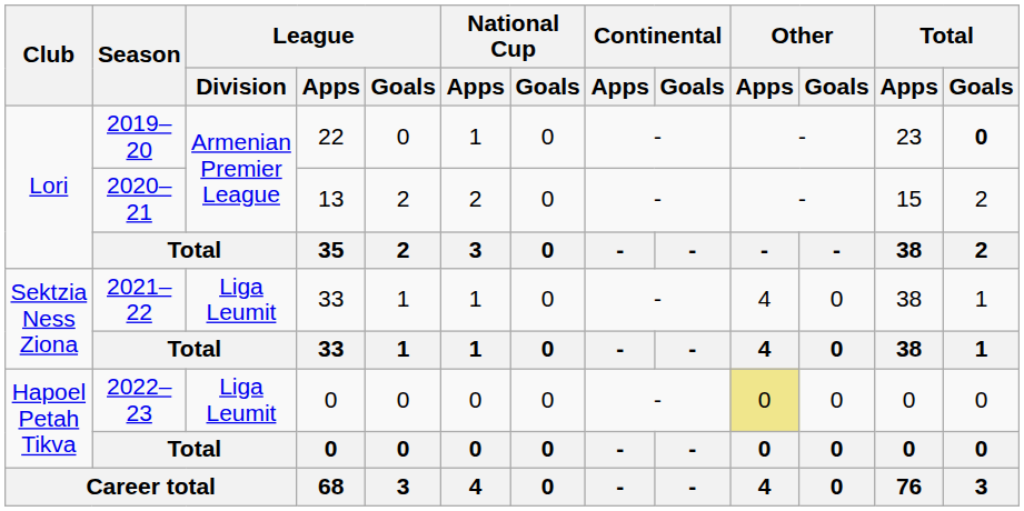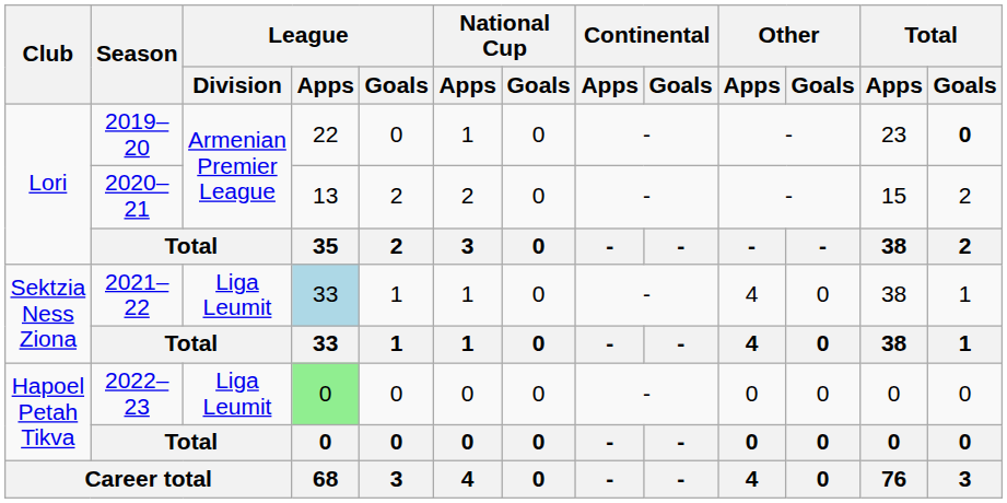 <table class="wikitable" style="text-align: center;">
 <tr>
 <th rowspan="2">Club</th>
 <th rowspan="2">Season</th>
 <th colspan="3">League</th>
 <th colspan="2">National Cup</th>
 <th colspan="2">Continental</th>
 <th colspan="2">Other</th>
 <th colspan="2">Total</th>
 </tr>
 <tr>
 <th>Division</th>
 <th>Apps</th>
 <th>Goals</th>
 <th>Apps</th>
 <th>Goals</th>
 <th>Apps</th>
 <th>Goals</th>
 <th>Apps</th>
 <th>Goals</th>
 <th>Apps</th>
 <th>Goals</th>
 </tr>
 <tr>
 <td rowspan="3" valign="center"><a href='#'>Lori</a></td>
 <td><a href='#'>2019–20</a></td>
 <td rowspan="2" valign="center"><a href='#'>Armenian Premier League</a></td>
 <td>22</td>
 <td>0</td>
 <td>1</td>
 <td>0</td>
 <td colspan="2">-</td>
 <td colspan="2">-</td>
 <td>23</td>
 <td><strong>0</strong></td>
 </tr>
 <tr>
 <td><a href='#'>2020–21</a></td>
 <td>13</td>
 <td>2</td>
 <td>2</td>
 <td>0</td>
 <td colspan="2">-</td>
 <td colspan="2">-</td>
 <td>15</td>
 <td>2</td>
 </tr>
 <tr>
 <th colspan="2">Total</th>
 <th>35</th>
 <th>2</th>
 <th>3</th>
 <th>0</th>
 <th>-</th>
 <th>-</th>
 <th>-</th>
 <th>-</th>
 <th>38</th>
 <th>2</th>
 </tr>
 <tr>
 <td rowspan="2" valign="center"><a href='#'>Sektzia Ness Ziona</a></td>
 <td><a href='#'>2021–22</a></td>
 <td rowspan="1" valign="center"><a href='#'>Liga Leumit</a></td>
-<td>33</td>
+<td style="background: lightblue;">33</td>
 <td>1</td>
 <td>1</td>
 <td>0</td>
 <td colspan="2">-</td>
 <td>4</td>
 <td>0</td>
 <td>38</td>
 <td>1</td>
 </tr>
 <tr>
 <th colspan="2">Total</th>
 <th>33</th>
 <th>1</th>
 <th>1</th>
 <th>0</th>
 <th>-</th>
 <th>-</th>
 <th>4</th>
 <th>0</th>
 <th>38</th>
 <th>1</th>
 </tr>
 <tr>
 <td rowspan="2" valign="center"><a href='#'>Hapoel Petah Tikva</a></td>
 <td><a href='#'>2022–23</a></td>
 <td rowspan="1" valign="center"><a href='#'>Liga Leumit</a></td>
-<td>0</td>
+<td style="background: lightgreen;">0</td>
 <td>0</td>
 <td>0</td>
 <td>0</td>
 <td colspan="2">-</td>
-<td style="background: khaki;">0</td>
+<td>0</td>
 <td>0</td>
 <td>0</td>
 <td>0</td>
 </tr>
 <tr>
 <th colspan="2">Total</th>
 <th>0</th>
 <th>0</th>
 <th>0</th>
 <th>0</th>
 <th>-</th>
 <th>-</th>
 <th>0</th>
 <th>0</th>
 <th>0</th>
 <th>0</th>
 </tr>
 <tr>
 <th colspan="3">Career total</th>
 <th>68</th>
 <th>3</th>
 <th>4</th>
 <th>0</th>
 <th>-</th>
 <th>-</th>
 <th>4</th>
 <th>0</th>
 <th>76</th>
 <th>3</th>
 </tr>
 </table>
